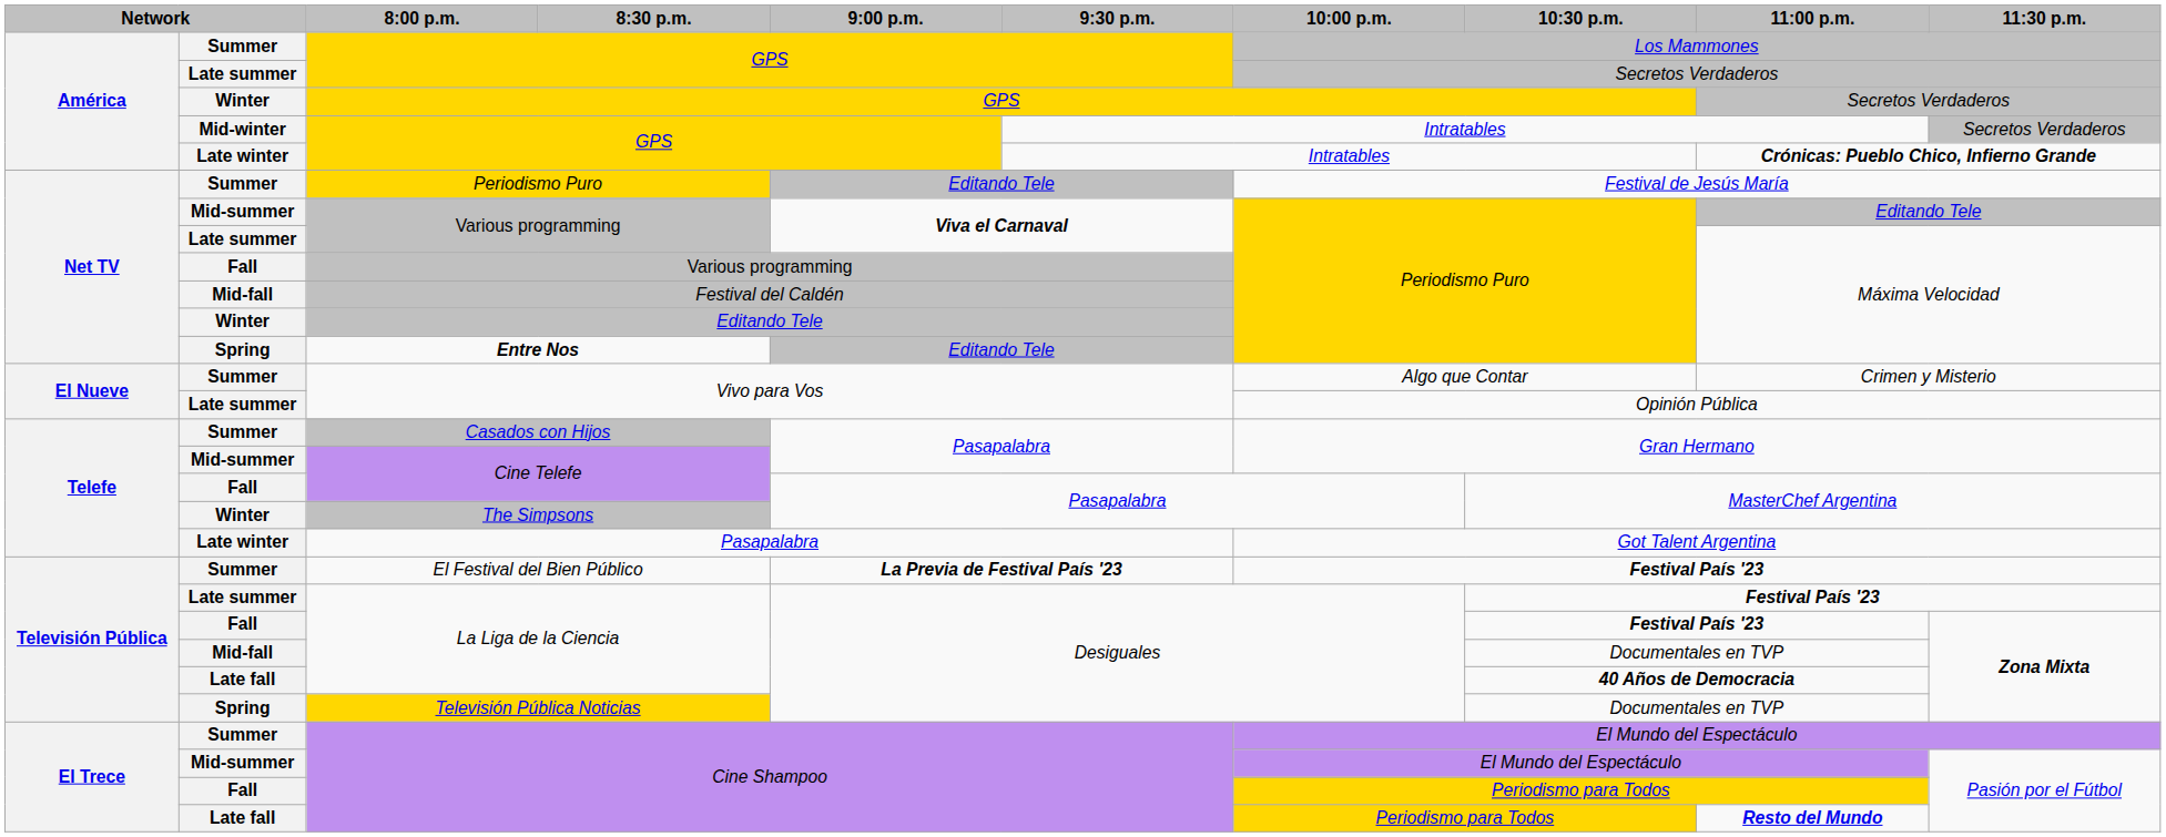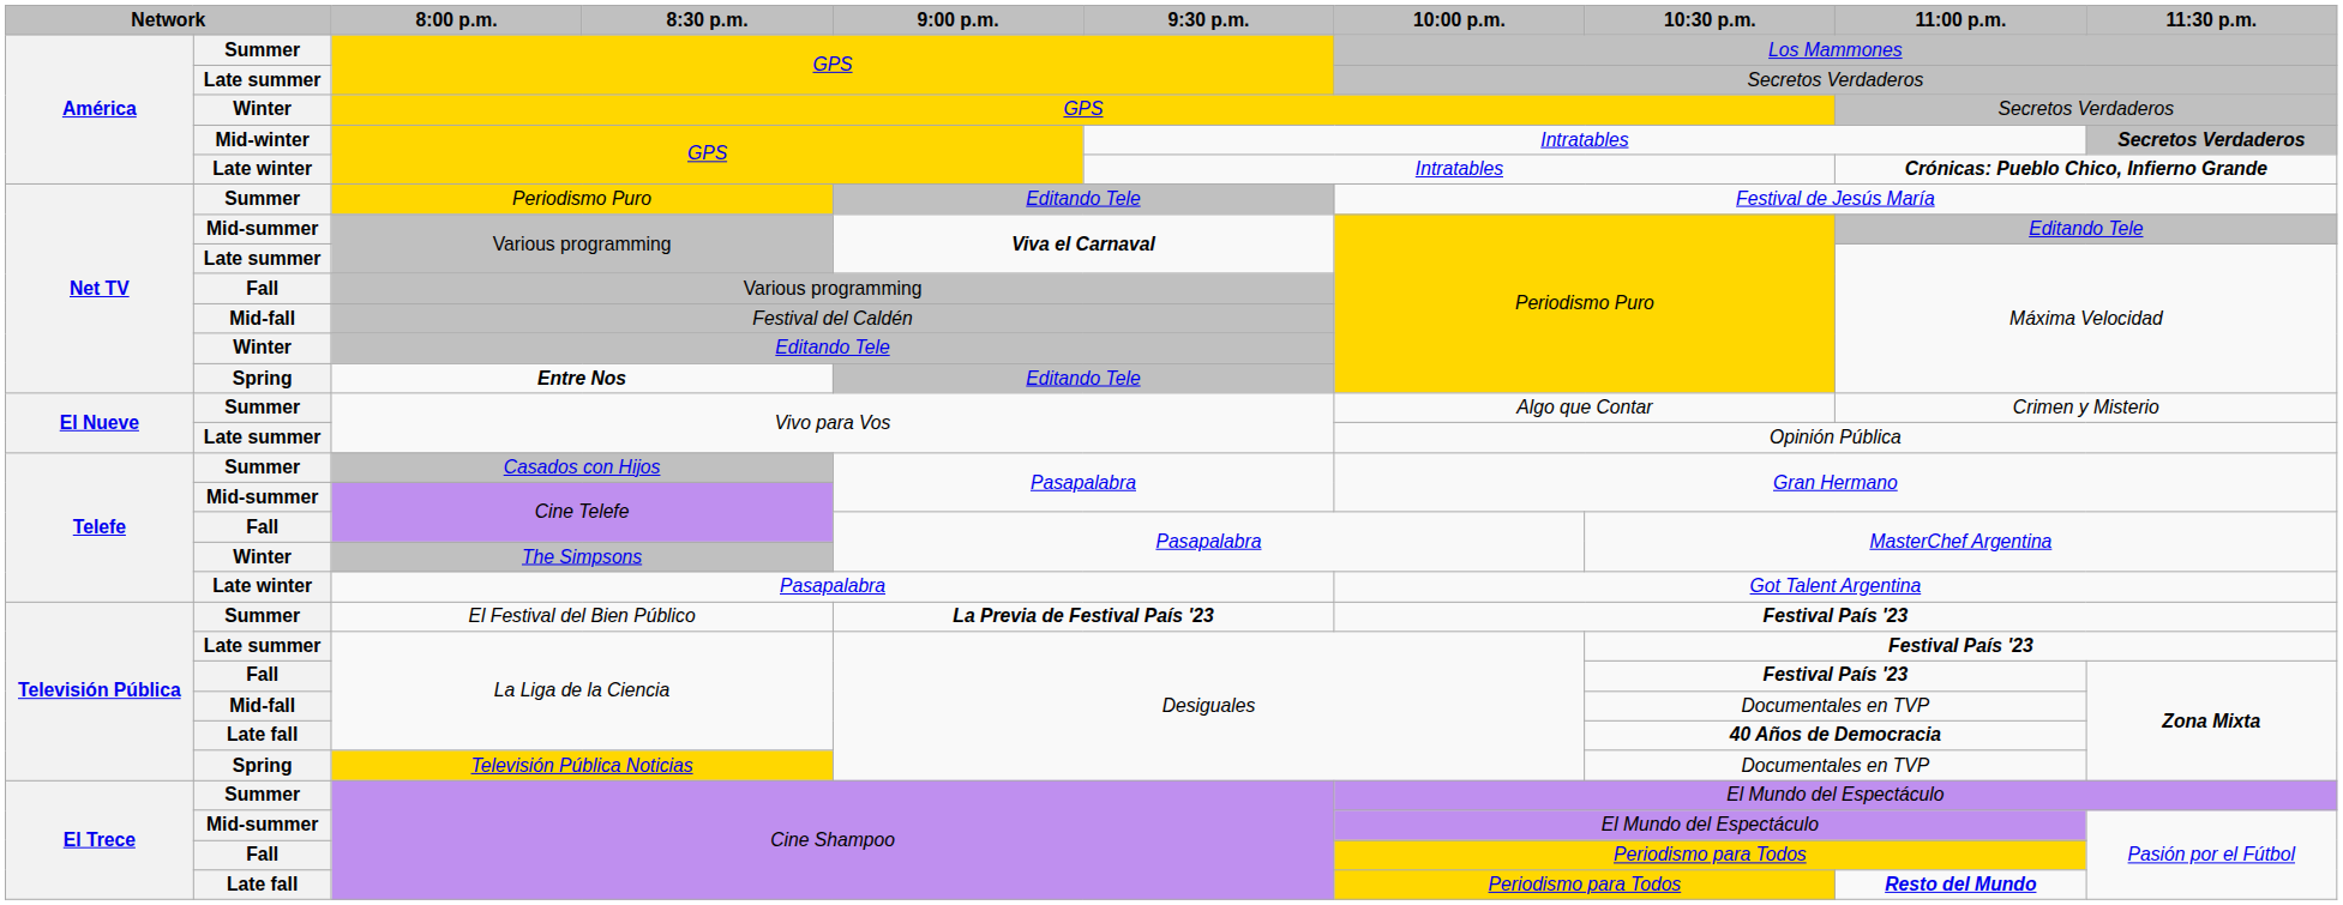 <table class="wikitable" style="width:100%;margin-right:0;text-align:center">
 <tr>
 <th colspan="2" style="background-color:#C0C0C0;width:13%;">Network</th>
 <th style="background-color:#C0C0C0;text-align:center;width:10%;">8:00 p.m.</th>
 <th style="background-color:#C0C0C0;text-align:center;width:10%;">8:30 p.m.</th>
 <th style="background-color:#C0C0C0;text-align:center;width:10%;">9:00 p.m.</th>
 <th style="background-color:#C0C0C0;text-align:center;width:10%;">9:30 p.m.</th>
 <th style="background-color:#C0C0C0;text-align:center;width:10%;">10:00 p.m.</th>
 <th style="background-color:#C0C0C0;text-align:center;width:10%;">10:30 p.m.</th>
 <th style="background-color:#C0C0C0;text-align:center;width:10%;">11:00 p.m.</th>
 <th style="background-color:#C0C0C0;text-align:center;width:10%;">11:30 p.m.</th>
 </tr>
 <tr>
 <th rowspan="5"><a href='#'>América</a></th>
 <th>Summer</th>
 <td style="background:#ffd700;" colspan="4" rowspan="2"><em><a href='#'>GPS</a></em></td>
 <td style="background:#C0C0C0;" colspan="4"><em><a href='#'>Los Mammones</a></em> </td>
 </tr>
 <tr>
 <th>Late summer</th>
 <td style="background:#C0C0C0;" colspan="4"><em>Secretos Verdaderos</em> </td>
 </tr>
 <tr>
 <th>Winter</th>
 <td style="background:#ffd700;" colspan="6"><em><a href='#'>GPS</a></em></td>
 <td style="background:#C0C0C0;" colspan="2"><em>Secretos Verdaderos</em> </td>
 </tr>
 <tr>
 <th>Mid-winter</th>
 <td style="background:#ffd700;" colspan="3" rowspan="2"><em><a href='#'>GPS</a></em></td>
 <td colspan="4"><em><a href='#'>Intratables</a></em></td>
-<td style="background:#C0C0C0;"><em>Secretos Verdaderos</em> </td>
+<td style="background:#C0C0C0;"><strong><em>Secretos Verdaderos</em> </strong></td>
 </tr>
 <tr>
 <th>Late winter</th>
 <td colspan="3"><em><a href='#'>Intratables</a></em></td>
 <td colspan="2"><strong><em>Crónicas: Pueblo Chico, Infierno Grande</em></strong></td>
 </tr>
 <tr>
 <th rowspan="7"><a href='#'>Net TV</a></th>
 <th>Summer</th>
 <td style="background:#ffd700;" colspan="2"><em>Periodismo Puro</em></td>
 <td style="background:#C0C0C0;" colspan="2"><em><a href='#'>Editando Tele</a></em> </td>
 <td colspan="4"><em><a href='#'>Festival de Jesús María</a></em> </td>
 </tr>
 <tr>
 <th>Mid-summer</th>
 <td style="background:#C0C0C0;" colspan="2" rowspan="2">Various programming</td>
 <td colspan="2" rowspan="2"><strong><em>Viva el Carnaval</em></strong></td>
 <td style="background:#ffd700;" colspan="2" rowspan="6"><em>Periodismo Puro</em></td>
 <td style="background:#C0C0C0;" colspan="2"><em><a href='#'>Editando Tele</a></em> <br></td>
 </tr>
 <tr>
 <th>Late summer</th>
 <td colspan="2" rowspan="5"><em>Máxima Velocidad</em></td>
 </tr>
 <tr>
 <th>Fall</th>
 <td style="background:#C0C0C0;" colspan="4">Various programming</td>
 </tr>
 <tr>
 <th>Mid-fall</th>
 <td style="background:#C0C0C0;" colspan="4"><em>Festival del Caldén</em>  </td>
 </tr>
 <tr>
 <th>Winter</th>
 <td style="background:#C0C0C0;" colspan="4"><em><a href='#'>Editando Tele</a></em> </td>
 </tr>
 <tr>
 <th>Spring</th>
 <td colspan="2"><strong><em>Entre Nos</em></strong></td>
 <td style="background:#C0C0C0;" colspan="2"><em><a href='#'>Editando Tele</a></em> </td>
 </tr>
 <tr>
 <th rowspan="2"><a href='#'>El Nueve</a></th>
 <th>Summer</th>
 <td colspan="4" rowspan="2"><em>Vivo para Vos</em></td>
 <td colspan="2"><em>Algo que Contar</em></td>
 <td colspan="2"><em>Crimen y Misterio</em></td>
 </tr>
 <tr>
 <th>Late summer</th>
 <td colspan="4"><em>Opinión Pública</em></td>
 </tr>
 <tr>
 <th rowspan="5"><a href='#'>Telefe</a></th>
 <th>Summer</th>
 <td style="background:#C0C0C0;" colspan="2"><em><a href='#'>Casados con Hijos</a></em> <br></td>
 <td colspan="2" rowspan="2"><em><a href='#'>Pasapalabra</a></em></td>
 <td colspan="4" rowspan="2"><em><a href='#'>Gran Hermano</a></em> </td>
 </tr>
 <tr>
 <th>Mid-summer</th>
 <td style="background:#bf8fef;" colspan="2" rowspan="2"><em>Cine Telefe</em> </td>
 </tr>
 <tr>
 <th>Fall</th>
 <td colspan="3" rowspan="2"><em><a href='#'>Pasapalabra</a></em> </td>
 <td colspan="3" rowspan="2"><em><a href='#'>MasterChef Argentina</a></em></td>
 </tr>
 <tr>
 <th>Winter</th>
 <td style="background:#C0C0C0;" colspan="2"><em><a href='#'>The Simpsons</a></em>  </td>
 </tr>
 <tr>
 <th>Late winter</th>
 <td colspan="4"><em><a href='#'>Pasapalabra</a></em></td>
 <td colspan="4"><em><a href='#'>Got Talent Argentina</a></em></td>
 </tr>
 <tr>
 <th rowspan="6"><a href='#'>Televisión Pública</a></th>
 <th>Summer</th>
 <td colspan="2"><em>El Festival del Bien Público</em></td>
 <td colspan="2"><strong><em>La Previa de Festival País '23</em></strong></td>
 <td colspan="4"><strong><em>Festival País '23</em></strong> </td>
 </tr>
 <tr>
 <th>Late summer</th>
 <td colspan="2" rowspan="4"><em>La Liga de la Ciencia</em></td>
 <td colspan="3" rowspan="5"><em>Desiguales</em></td>
 <td colspan="3"><strong><em>Festival País '23</em></strong> </td>
 </tr>
 <tr>
 <th>Fall</th>
 <td colspan="2"><strong><em>Festival País '23</em></strong></td>
 <td rowspan="4"><strong><em>Zona Mixta</em></strong> </td>
 </tr>
 <tr>
 <th>Mid-fall</th>
 <td colspan="2"><em>Documentales en TVP</em></td>
 </tr>
 <tr>
 <th>Late fall</th>
 <td colspan="2"><strong><em>40 Años de Democracia</em></strong></td>
 </tr>
 <tr>
 <th>Spring</th>
 <td style="background:#ffd700;" colspan="2"><em><a href='#'>Televisión Pública Noticias</a></em></td>
 <td colspan="2"><em>Documentales en TVP</em></td>
 </tr>
 <tr>
 <th rowspan="4"><a href='#'>El Trece</a></th>
 <th>Summer</th>
 <td style="background:#bf8fef;" colspan="4" rowspan="4"><em>Cine Shampoo</em> </td>
 <td style="background:#bf8fef;" colspan="4"><em>El Mundo del Espectáculo</em></td>
 </tr>
 <tr>
 <th>Mid-summer</th>
 <td style="background:#bf8fef;" colspan="3"><em>El Mundo del Espectáculo</em></td>
 <td rowspan="3"><em><a href='#'>Pasión por el Fútbol</a></em>  </td>
 </tr>
 <tr>
 <th>Fall</th>
 <td style="background:#ffd700;" colspan="3"><em><a href='#'>Periodismo para Todos</a></em></td>
 </tr>
 <tr>
 <th>Late fall</th>
 <td style="background:#ffd700;" colspan="2"><em><a href='#'>Periodismo para Todos</a></em></td>
 <td><strong><em><a href='#'>Resto del Mundo</a></em></strong></td>
 </tr>
 </table>
